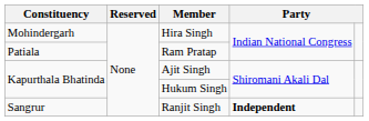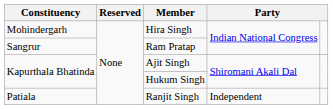 <table class="wikitable sortable">
 <tr>
 <th>Constituency</th>
 <th>Reserved</th>
 <th>Member</th>
 <th colspan=2>Party</th>
 </tr>
 <tr>
 <td>Mohindergarh</td>
 <td rowspan=5>None</td>
 <td>Hira Singh</td>
 <td rowspan=2><a href='#'>Indian National Congress</a></td>
 <td rowspan=2 width="4px" style="background-color: "></td>
 </tr>
 <tr>
-<td>Patiala</td>
+<td>Sangrur</td>
 <td>Ram Pratap</td>
 </tr>
 <tr>
 <td rowspan=2>Kapurthala Bhatinda</td>
 <td>Ajit Singh</td>
 <td rowspan=2><a href='#'>Shiromani Akali Dal</a></td>
 <td rowspan=2 width="4px" style="background-color: "></td>
 </tr>
 <tr>
 <td>Hukum Singh</td>
 </tr>
 <tr>
-<td>Sangrur</td>
+<td>Patiala</td>
 <td>Ranjit Singh</td>
-<td><strong>Independent</strong></td>
+<td>Independent</td>
 <td></td>
 </tr>
 </table>
